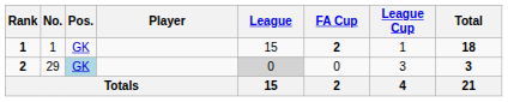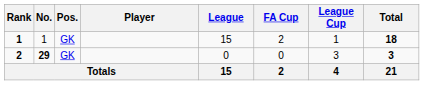 <table class="wikitable sortable alternance" style="text-align:center">
 <tr>
 <th style="width:10px">Rank</th>
 <th style="width:10px">No.</th>
 <th style="width:10px">Pos.</th>
 <th style="width:180px">Player</th>
 <th style="width:80px"><a href='#'>League</a></th>
 <th style="width:80px"><a href='#'>FA Cup</a></th>
 <th style="width:80px"><a href='#'>League Cup</a></th>
 <th style="width:80px">Total</th>
 </tr>
 <tr>
 <td><strong>1</strong></td>
 <td>1</td>
 <td><a href='#'>GK</a></td>
 <td align="left"></td>
 <td>15</td>
-<td><strong>2</strong></td>
+<td>2</td>
 <td>1</td>
 <td><strong>18</strong></td>
 </tr>
 <tr>
 <td><strong>2</strong></td>
-<td>29</td>
-<td style="background: lightblue;"><a href='#'>GK</a></td>
+<td><strong>29</strong></td>
+<td><a href='#'>GK</a></td>
 <td align="left"></td>
-<td style="background: lightgrey;">0</td>
+<td>0</td>
 <td>0</td>
 <td>3</td>
 <td><strong>3</strong></td>
 </tr>
 <tr>
 <th colspan=4><strong>Totals</strong></th>
 <th>15</th>
 <th>2</th>
 <th>4</th>
 <th><strong>21</strong></th>
 </tr>
 </table>
